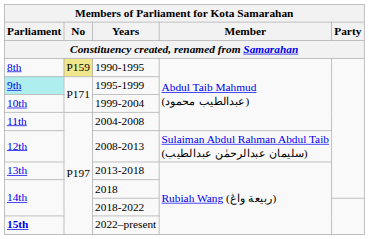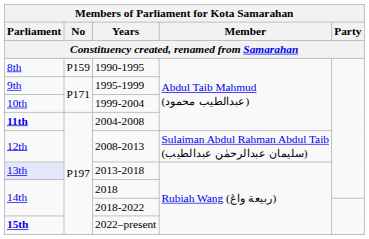 <table class=wikitable>
 <tr>
 <th colspan="5">Members of Parliament for Kota Samarahan</th>
 </tr>
 <tr>
 <th>Parliament</th>
 <th>No</th>
 <th>Years</th>
 <th>Member</th>
 <th>Party</th>
 </tr>
 <tr>
 <th colspan="5" align="center"><em>Constituency created, renamed from <a href='#'>Samarahan</a></em></th>
 </tr>
 <tr>
 <td><a href='#'>8th</a></td>
-<td style="background: khaki;">P159</td>
+<td>P159</td>
 <td>1990-1995</td>
 <td rowspan=4><a href='#'>Abdul Taib Mahmud</a> <br>(عبدالطيب محمود‎)</td>
 <td rowspan="7"></td>
 </tr>
 <tr>
-<td style="background: paleturquoise;"><a href='#'>9th</a></td>
+<td><a href='#'>9th</a></td>
 <td rowspan="2">P171</td>
 <td>1995-1999</td>
 </tr>
 <tr>
 <td><a href='#'>10th</a></td>
 <td>1999-2004</td>
 </tr>
 <tr>
-<td><a href='#'>11th</a></td>
+<td><strong><a href='#'>11th</a></strong></td>
 <td rowspan="6">P197</td>
 <td>2004-2008</td>
 </tr>
 <tr>
 <td><a href='#'>12th</a></td>
 <td>2008-2013</td>
 <td><a href='#'>Sulaiman Abdul Rahman Abdul Taib</a> <br>(سليمان عبدالرحمٰن عبدالطيب)</td>
 </tr>
 <tr>
-<td><a href='#'>13th</a></td>
+<td style="background: lavender;"><a href='#'>13th</a></td>
 <td>2013-2018</td>
 <td rowspan="4"><a href='#'>Rubiah Wang</a>  (ربيعة واڠ)</td>
 </tr>
 <tr>
 <td rowspan=2><a href='#'>14th</a></td>
 <td>2018</td>
 </tr>
 <tr>
 <td>2018-2022</td>
 <td rowspan="2"></td>
 </tr>
 <tr>
 <td><strong><a href='#'>15th</a></strong></td>
 <td>2022–present</td>
 </tr>
 </table>
